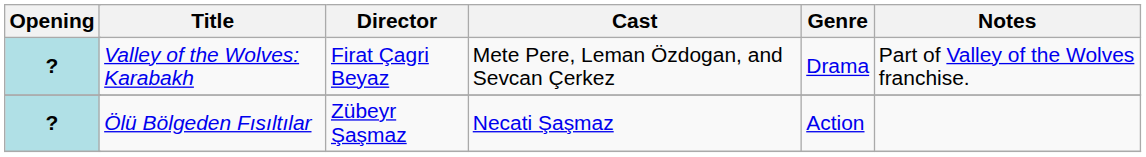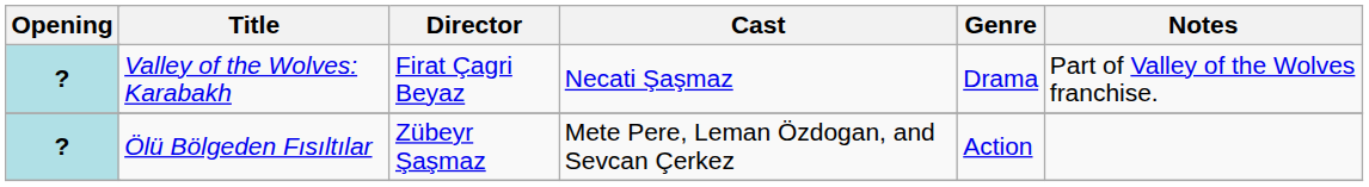 <table class="wikitable sortable">
 <tr>
 <th colspan="2"><strong>Opening</strong></th>
 <th><strong>Title</strong></th>
 <th><strong>Director</strong></th>
 <th><strong>Cast</strong></th>
 <th><strong>Genre</strong></th>
 <th><strong>Notes</strong></th>
 </tr>
 <tr January!>
 <td colspan="2" rowspan="1" valign="center" align="center" style="background:#B0E0E6; textcolor:#000;"><strong>?</strong></td>
 <td><em><a href='#'>Valley of the Wolves: Karabakh</a></em></td>
 <td><a href='#'>Firat Çagri Beyaz</a></td>
-<td>Mete Pere, Leman Özdogan, and Sevcan Çerkez</td>
+<td><a href='#'>Necati Şaşmaz</a></td>
 <td><a href='#'>Drama</a></td>
 <td>Part of <a href='#'>Valley of the Wolves</a> franchise.</td>
 </tr>
 <tr>
 </tr>
 <tr April>
 <td colspan="2" rowspan="1" valign="center" align="center" style="background:#B0E0E6; textcolor:#000;"><strong>?</strong></td>
 <td><em><a href='#'>Ölü Bölgeden Fısıltılar</a></em></td>
 <td><a href='#'>Zübeyr Şaşmaz</a></td>
-<td><a href='#'>Necati Şaşmaz</a></td>
+<td>Mete Pere, Leman Özdogan, and Sevcan Çerkez</td>
 <td><a href='#'>Action</a></td>
 <td></td>
 </tr>
 <tr>
 </tr>
 </table>
